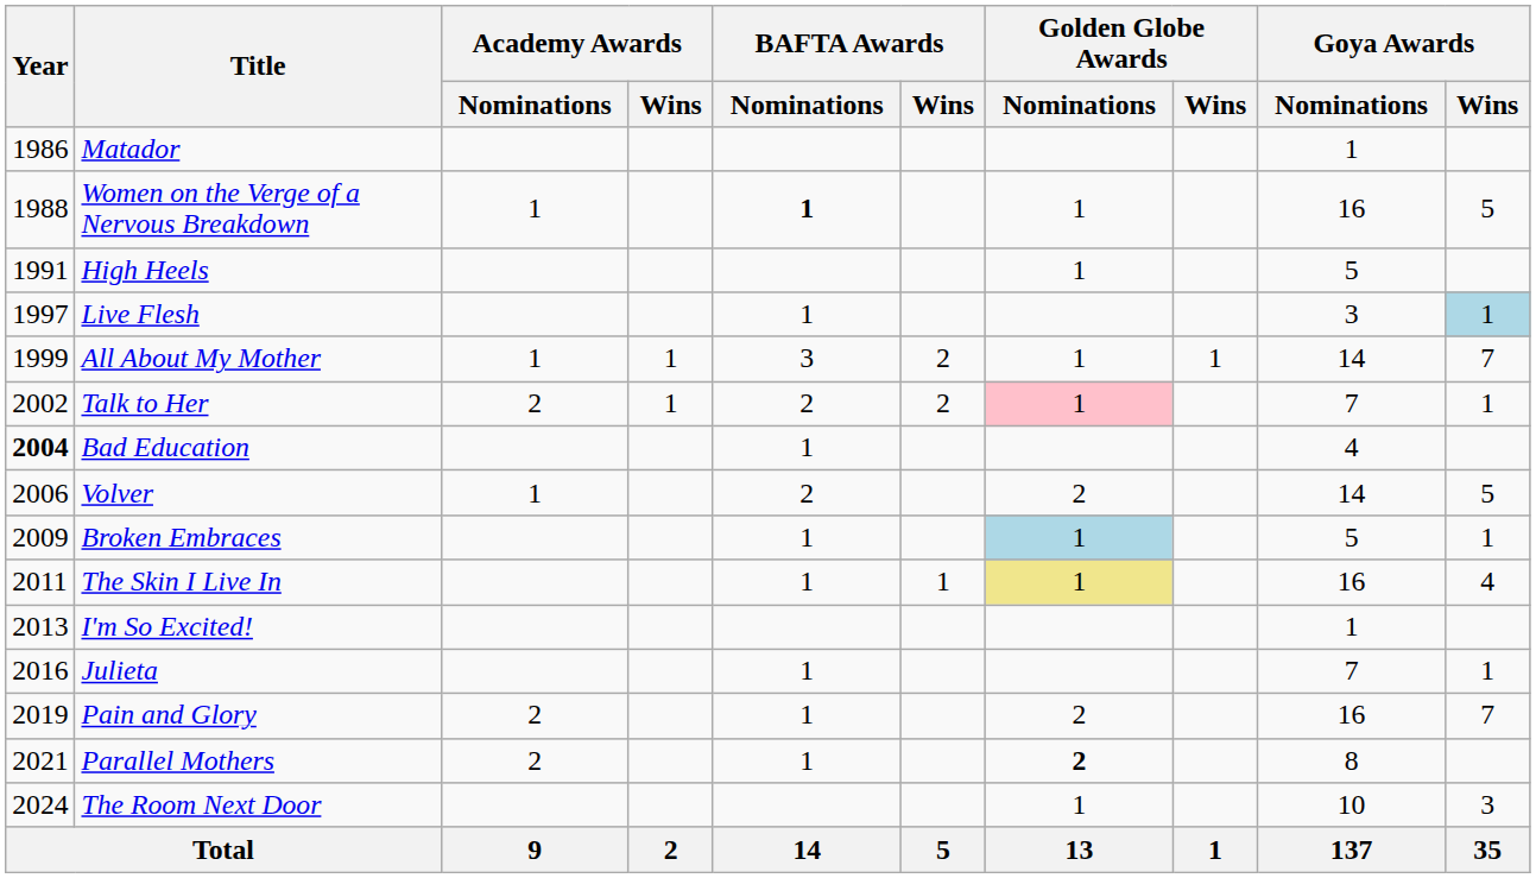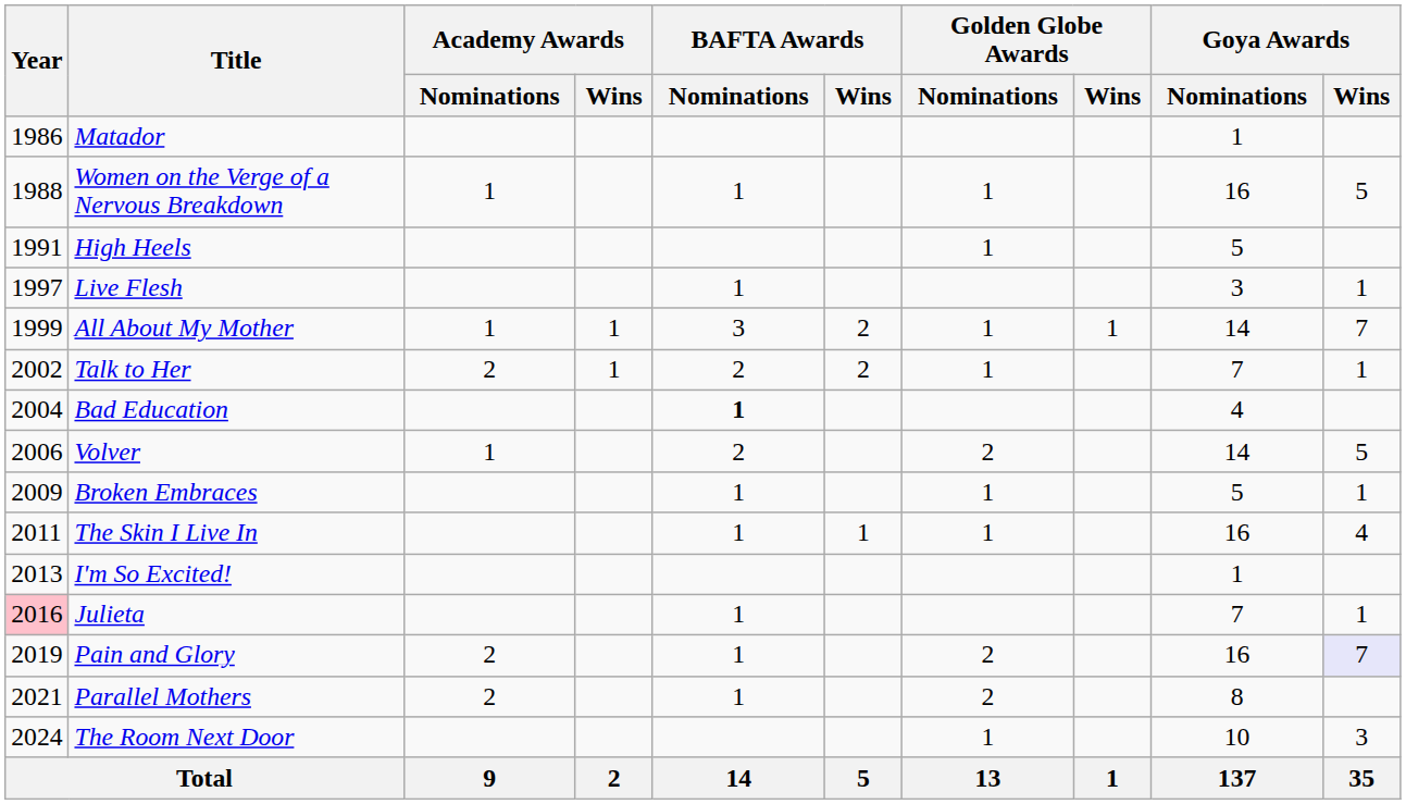 <table class="wikitable">
 <tr>
 <th rowspan="2">Year</th>
 <th rowspan="2">Title</th>
 <th colspan="2" style="text-align:center;" width=160>Academy Awards</th>
 <th colspan="2" style="text-align:center;" width=160>BAFTA Awards</th>
 <th colspan="2" style="text-align:center;" width=160>Golden Globe Awards</th>
 <th colspan="2" style="text-align:center;" width=160>Goya Awards</th>
 </tr>
 <tr>
 <th>Nominations</th>
 <th>Wins</th>
 <th>Nominations</th>
 <th>Wins</th>
 <th>Nominations</th>
 <th>Wins</th>
 <th>Nominations</th>
 <th>Wins</th>
 </tr>
 <tr>
 <td>1986</td>
 <td><em><a href='#'>Matador</a></em></td>
 <td></td>
 <td></td>
 <td></td>
 <td></td>
 <td></td>
 <td></td>
 <td align=center>1</td>
 <td></td>
 </tr>
 <tr>
 <td>1988</td>
 <td><em><a href='#'>Women on the Verge of a Nervous Breakdown</a></em></td>
 <td align=center>1</td>
 <td></td>
-<td align=center><strong>1</strong></td>
+<td align=center>1</td>
 <td></td>
 <td align=center>1</td>
 <td></td>
 <td align=center>16</td>
 <td align=center>5</td>
 </tr>
 <tr>
 <td>1991</td>
 <td><em><a href='#'>High Heels</a></em></td>
 <td></td>
 <td></td>
 <td></td>
 <td></td>
 <td align=center>1</td>
 <td></td>
 <td align=center>5</td>
 <td></td>
 </tr>
 <tr>
 <td>1997</td>
 <td><em><a href='#'>Live Flesh</a></em></td>
 <td></td>
 <td></td>
 <td align=center>1</td>
 <td></td>
 <td></td>
 <td></td>
 <td align = "center">3</td>
-<td align = "center" style="background: lightblue;">1</td>
+<td align = "center">1</td>
 </tr>
 <tr>
 <td>1999</td>
 <td><em><a href='#'>All About My Mother</a></em></td>
 <td align=center>1</td>
 <td align=center>1</td>
 <td align=center>3</td>
 <td align=center>2</td>
 <td align=center>1</td>
 <td align=center>1</td>
 <td align=center>14</td>
 <td align=center>7</td>
 </tr>
 <tr>
 <td>2002</td>
 <td><em><a href='#'>Talk to Her</a></em></td>
 <td align=center>2</td>
 <td align=center>1</td>
 <td align=center>2</td>
 <td align=center>2</td>
-<td align=center style="background: pink;">1</td>
+<td align=center>1</td>
 <td></td>
 <td align=center>7</td>
 <td align=center>1</td>
 </tr>
 <tr>
-<td><strong>2004</strong></td>
+<td>2004</td>
 <td><em><a href='#'>Bad Education</a></em></td>
 <td></td>
 <td></td>
-<td align=center>1</td>
+<td align=center><strong>1</strong></td>
 <td></td>
 <td></td>
 <td></td>
 <td align=center>4</td>
 <td></td>
 </tr>
 <tr>
 <td>2006</td>
 <td><em><a href='#'>Volver</a></em></td>
 <td align=center>1</td>
 <td></td>
 <td align=center>2</td>
 <td></td>
 <td align=center>2</td>
 <td></td>
 <td align=center>14</td>
 <td align=center>5</td>
 </tr>
 <tr>
 <td>2009</td>
 <td><em><a href='#'>Broken Embraces</a></em></td>
 <td></td>
 <td></td>
 <td align=center>1</td>
 <td></td>
-<td align=center style="background: lightblue;">1</td>
+<td align=center>1</td>
 <td></td>
 <td align=center>5</td>
 <td align=center>1</td>
 </tr>
 <tr>
 <td>2011</td>
 <td><em><a href='#'>The Skin I Live In</a></em></td>
 <td></td>
 <td></td>
 <td align=center>1</td>
 <td align=center>1</td>
-<td align=center style="background: khaki;">1</td>
+<td align=center>1</td>
 <td></td>
 <td align=center>16</td>
 <td align=center>4</td>
 </tr>
 <tr>
 <td>2013</td>
 <td><em><a href='#'>I'm So Excited!</a></em></td>
 <td></td>
 <td></td>
 <td></td>
 <td></td>
 <td></td>
 <td></td>
 <td align=center>1</td>
 <td align=center></td>
 </tr>
 <tr>
-<td>2016</td>
+<td style="background: pink;">2016</td>
 <td><em><a href='#'>Julieta</a></em></td>
 <td></td>
 <td></td>
 <td align=center>1</td>
 <td></td>
 <td></td>
 <td></td>
 <td align=center>7</td>
 <td align=center>1</td>
 </tr>
 <tr>
 <td>2019</td>
 <td><em><a href='#'>Pain and Glory</a></em></td>
 <td align=center>2</td>
 <td></td>
 <td align=center>1</td>
 <td></td>
 <td align=center>2</td>
 <td></td>
 <td align=center>16</td>
-<td align=center>7</td>
+<td align=center style="background: lavender;">7</td>
 </tr>
 <tr>
 <td>2021</td>
 <td><em><a href='#'>Parallel Mothers</a></em></td>
 <td align=center>2</td>
 <td></td>
 <td align=center>1</td>
 <td></td>
-<td align=center><strong>2</strong></td>
+<td align=center>2</td>
 <td></td>
 <td align=center>8</td>
 <td></td>
 </tr>
 <tr>
 <td>2024</td>
 <td><em><a href='#'>The Room Next Door</a></em></td>
 <td align=center></td>
 <td></td>
 <td align=center></td>
 <td></td>
 <td align=center>1</td>
 <td></td>
 <td align=center>10</td>
 <td align=center>3</td>
 </tr>
 <tr>
 <th colspan="2">Total</th>
 <th align=center>9</th>
 <th align=center>2</th>
 <th align=center>14</th>
 <th align=center>5</th>
 <th align=center>13</th>
 <th align=center>1</th>
 <th align=center>137</th>
 <th align=center>35</th>
 </tr>
 </table>
